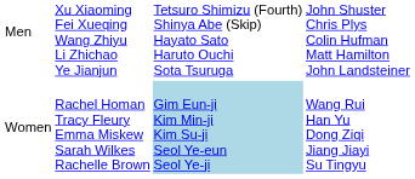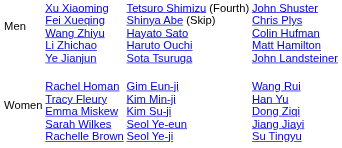 <table>
 <tr>
 <td>Men</td>
 <td><strong></strong><br><a href='#'>Xu Xiaoming</a><br><a href='#'>Fei Xueqing</a><br><a href='#'>Wang Zhiyu</a><br><a href='#'>Li Zhichao</a><br><a href='#'>Ye Jianjun</a></td>
 <td><strong></strong><br><a href='#'>Tetsuro Shimizu</a> (Fourth)<br><a href='#'>Shinya Abe</a> (Skip)<br><a href='#'>Hayato Sato</a><br><a href='#'>Haruto Ouchi</a><br><a href='#'>Sota Tsuruga</a></td>
 <td><strong></strong><br><a href='#'>John Shuster</a><br><a href='#'>Chris Plys</a><br><a href='#'>Colin Hufman</a><br><a href='#'>Matt Hamilton</a><br><a href='#'>John Landsteiner</a></td>
 </tr>
 <tr>
 <td>Women</td>
 <td><strong></strong><br><a href='#'>Rachel Homan</a><br><a href='#'>Tracy Fleury</a><br><a href='#'>Emma Miskew</a><br><a href='#'>Sarah Wilkes</a><br><a href='#'>Rachelle Brown</a></td>
-<td style="background: lightblue;"><strong></strong><br><a href='#'>Gim Eun-ji</a><br><a href='#'>Kim Min-ji</a><br><a href='#'>Kim Su-ji</a><br><a href='#'>Seol Ye-eun</a><br><a href='#'>Seol Ye-ji</a></td>
+<td><strong></strong><br><a href='#'>Gim Eun-ji</a><br><a href='#'>Kim Min-ji</a><br><a href='#'>Kim Su-ji</a><br><a href='#'>Seol Ye-eun</a><br><a href='#'>Seol Ye-ji</a></td>
 <td><strong></strong><br><a href='#'>Wang Rui</a><br><a href='#'>Han Yu</a><br><a href='#'>Dong Ziqi</a><br><a href='#'>Jiang Jiayi</a><br><a href='#'>Su Tingyu</a></td>
 </tr>
 </table>
